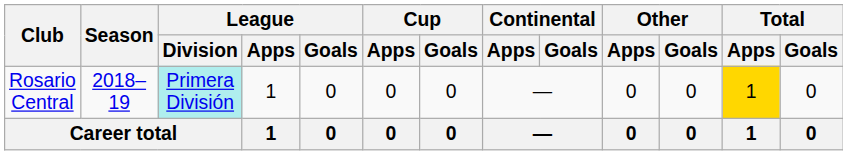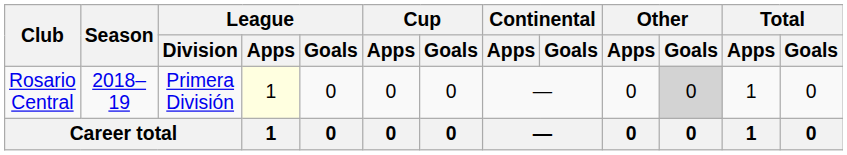 <table class="wikitable" style="text-align:center">
 <tr>
 <th rowspan="2">Club</th>
 <th rowspan="2">Season</th>
 <th colspan="3">League</th>
 <th colspan="2">Cup</th>
 <th colspan="2">Continental</th>
 <th colspan="2">Other</th>
 <th colspan="2">Total</th>
 </tr>
 <tr>
 <th>Division</th>
 <th>Apps</th>
 <th>Goals</th>
 <th>Apps</th>
 <th>Goals</th>
 <th>Apps</th>
 <th>Goals</th>
 <th>Apps</th>
 <th>Goals</th>
 <th>Apps</th>
 <th>Goals</th>
 </tr>
 <tr>
 <td rowspan="1"><a href='#'>Rosario Central</a></td>
 <td><a href='#'>2018–19</a></td>
-<td rowspan="1" style="background: paleturquoise;"><a href='#'>Primera División</a></td>
-<td>1</td>
+<td rowspan="1"><a href='#'>Primera División</a></td>
+<td style="background: lightyellow;">1</td>
 <td>0</td>
 <td>0</td>
 <td>0</td>
 <td colspan="2">—</td>
 <td>0</td>
-<td>0</td>
-<td style="background: gold;">1</td>
+<td style="background: lightgrey;">0</td>
+<td>1</td>
 <td>0</td>
 </tr>
 <tr>
 <th colspan="3">Career total</th>
 <th>1</th>
 <th>0</th>
 <th>0</th>
 <th>0</th>
 <th colspan="2">—</th>
 <th>0</th>
 <th>0</th>
 <th>1</th>
 <th>0</th>
 </tr>
 </table>
